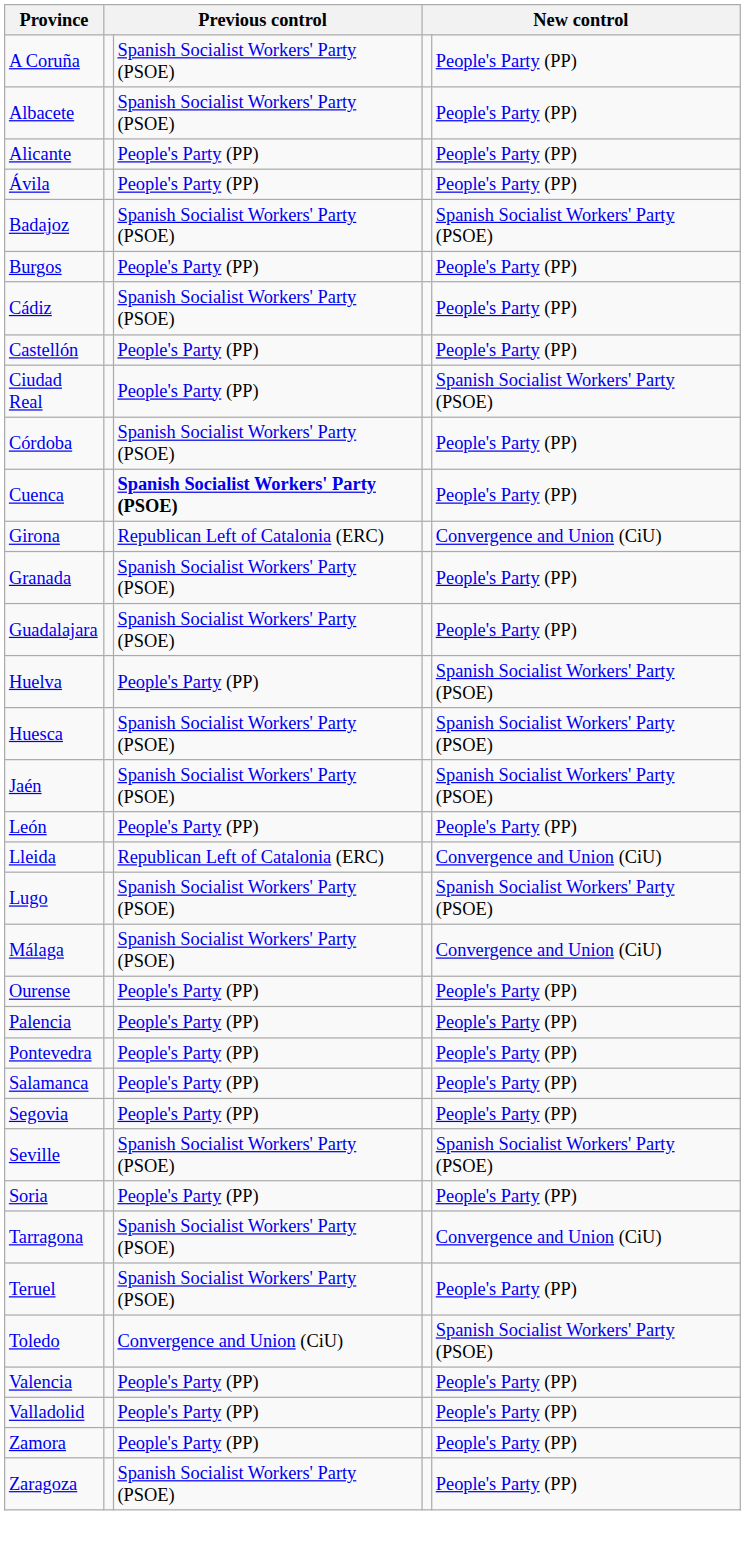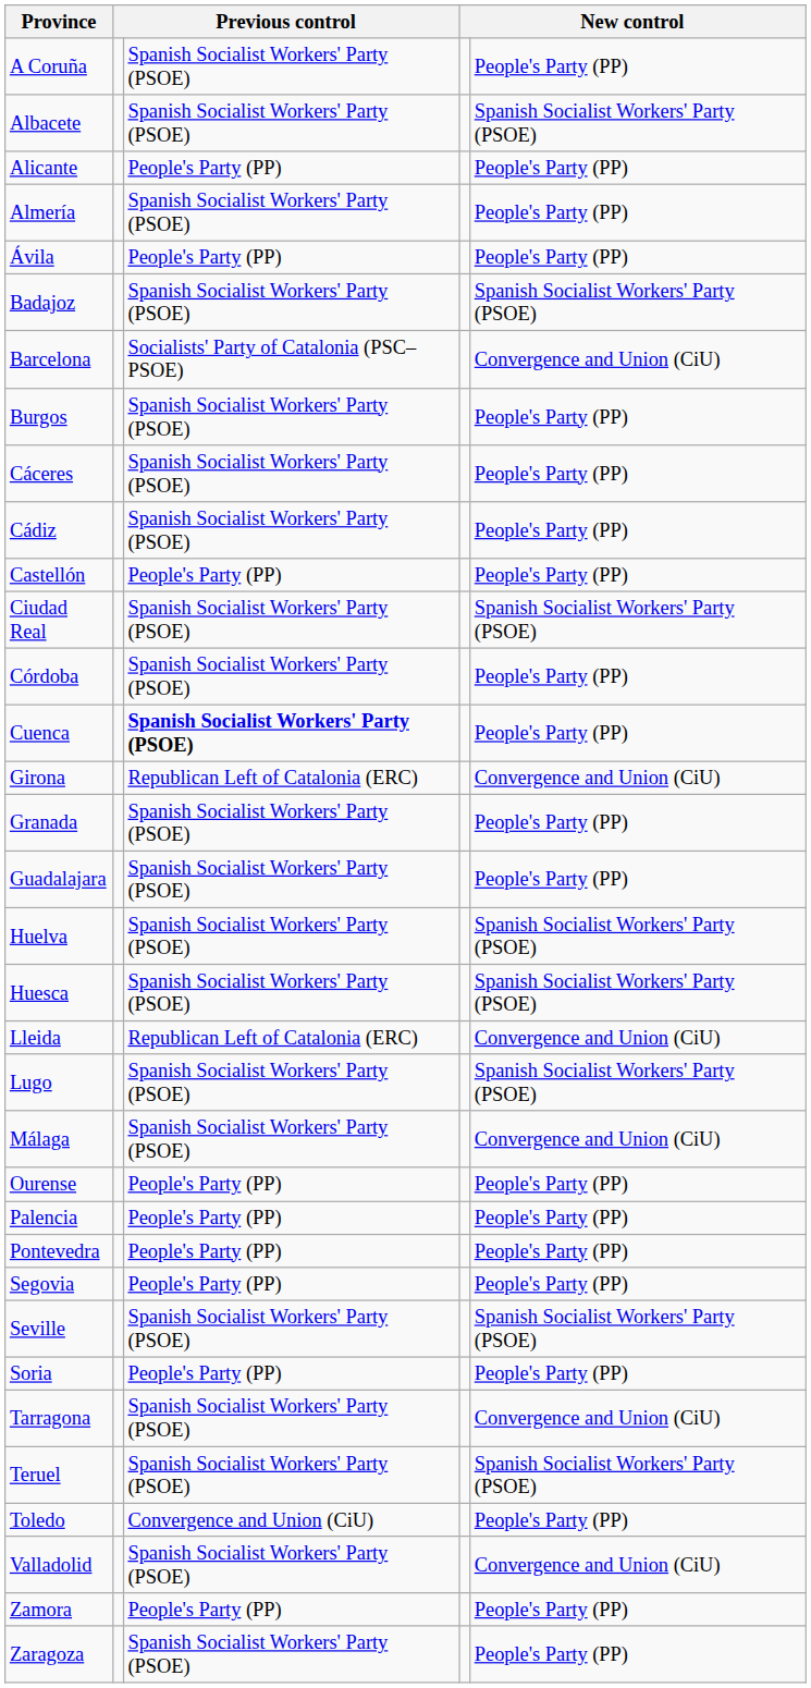 <table class="wikitable sortable" style="font-size:95%;">
 <tr>
 <th>Province</th>
 <th colspan="2" style="width:375px;">Previous control</th>
 <th colspan="2" style="width:375px;">New control</th>
 </tr>
 <tr>
 <td><a href='#'>A Coruña</a></td>
 <td width="1" style="color:inherit;background:"></td>
 <td><a href='#'>Spanish Socialist Workers' Party</a> (PSOE)</td>
 <td width="1" style="color:inherit;background:"></td>
 <td><a href='#'>People's Party</a> (PP)</td>
 </tr>
 <tr>
 <td><a href='#'>Albacete</a></td>
 <td style="color:inherit;background:"></td>
 <td><a href='#'>Spanish Socialist Workers' Party</a> (PSOE)</td>
 <td style="color:inherit;background:"></td>
-<td><a href='#'>People's Party</a> (PP)</td>
+<td><a href='#'>Spanish Socialist Workers' Party</a> (PSOE)</td>
 </tr>
 <tr>
 <td><a href='#'>Alicante</a></td>
 <td style="color:inherit;background:"></td>
 <td><a href='#'>People's Party</a> (PP)</td>
+<td style="color:inherit;background:"></td>
+<td><a href='#'>People's Party</a> (PP)</td>
+</tr>
+<tr>
+<td><a href='#'>Almería</a></td>
+<td style="color:inherit;background:"></td>
+<td><a href='#'>Spanish Socialist Workers' Party</a> (PSOE)</td>
 <td style="color:inherit;background:"></td>
 <td><a href='#'>People's Party</a> (PP)</td>
 </tr>
 <tr>
 <td><a href='#'>Ávila</a></td>
 <td style="color:inherit;background:"></td>
 <td><a href='#'>People's Party</a> (PP)</td>
 <td style="color:inherit;background:"></td>
 <td><a href='#'>People's Party</a> (PP)</td>
 </tr>
 <tr>
 <td><a href='#'>Badajoz</a></td>
 <td style="color:inherit;background:"></td>
 <td><a href='#'>Spanish Socialist Workers' Party</a> (PSOE)</td>
 <td style="color:inherit;background:"></td>
 <td><a href='#'>Spanish Socialist Workers' Party</a> (PSOE)</td>
 </tr>
 <tr>
+<td><a href='#'>Barcelona</a></td>
+<td style="color:inherit;background:"></td>
+<td><a href='#'>Socialists' Party of Catalonia</a> (PSC–PSOE)</td>
+<td style="color:inherit;background:"></td>
+<td><a href='#'>Convergence and Union</a> (CiU)</td>
+</tr>
+<tr>
 <td><a href='#'>Burgos</a></td>
 <td style="color:inherit;background:"></td>
+<td><a href='#'>Spanish Socialist Workers' Party</a> (PSOE)</td>
+<td style="color:inherit;background:"></td>
 <td><a href='#'>People's Party</a> (PP)</td>
+</tr>
+<tr>
+<td><a href='#'>Cáceres</a></td>
+<td style="color:inherit;background:"></td>
+<td><a href='#'>Spanish Socialist Workers' Party</a> (PSOE)</td>
 <td style="color:inherit;background:"></td>
 <td><a href='#'>People's Party</a> (PP)</td>
 </tr>
 <tr>
 <td><a href='#'>Cádiz</a></td>
 <td style="color:inherit;background:"></td>
 <td><a href='#'>Spanish Socialist Workers' Party</a> (PSOE)</td>
 <td style="color:inherit;background:"></td>
 <td><a href='#'>People's Party</a> (PP)</td>
 </tr>
 <tr>
 <td><a href='#'>Castellón</a></td>
 <td style="color:inherit;background:"></td>
 <td><a href='#'>People's Party</a> (PP)</td>
 <td style="color:inherit;background:"></td>
 <td><a href='#'>People's Party</a> (PP)</td>
 </tr>
 <tr>
 <td><a href='#'>Ciudad Real</a></td>
 <td style="color:inherit;background:"></td>
-<td><a href='#'>People's Party</a> (PP)</td>
+<td><a href='#'>Spanish Socialist Workers' Party</a> (PSOE)</td>
 <td style="color:inherit;background:"></td>
 <td><a href='#'>Spanish Socialist Workers' Party</a> (PSOE)</td>
 </tr>
 <tr>
 <td><a href='#'>Córdoba</a></td>
 <td style="color:inherit;background:"></td>
 <td><a href='#'>Spanish Socialist Workers' Party</a> (PSOE)</td>
 <td style="color:inherit;background:"></td>
 <td><a href='#'>People's Party</a> (PP)</td>
 </tr>
 <tr>
 <td><a href='#'>Cuenca</a></td>
 <td style="color:inherit;background:"></td>
 <td><strong><a href='#'>Spanish Socialist Workers' Party</a> (PSOE)</strong></td>
 <td style="color:inherit;background:"></td>
 <td><a href='#'>People's Party</a> (PP)</td>
 </tr>
 <tr>
 <td><a href='#'>Girona</a></td>
 <td style="color:inherit;background:"></td>
 <td><a href='#'>Republican Left of Catalonia</a> (ERC)</td>
 <td style="color:inherit;background:"></td>
 <td><a href='#'>Convergence and Union</a> (CiU)</td>
 </tr>
 <tr>
 <td><a href='#'>Granada</a></td>
 <td style="color:inherit;background:"></td>
 <td><a href='#'>Spanish Socialist Workers' Party</a> (PSOE)</td>
 <td style="color:inherit;background:"></td>
 <td><a href='#'>People's Party</a> (PP)</td>
 </tr>
 <tr>
 <td><a href='#'>Guadalajara</a></td>
 <td style="color:inherit;background:"></td>
 <td><a href='#'>Spanish Socialist Workers' Party</a> (PSOE)</td>
 <td style="color:inherit;background:"></td>
 <td><a href='#'>People's Party</a> (PP)</td>
 </tr>
 <tr>
 <td><a href='#'>Huelva</a></td>
 <td style="color:inherit;background:"></td>
-<td><a href='#'>People's Party</a> (PP)</td>
+<td><a href='#'>Spanish Socialist Workers' Party</a> (PSOE)</td>
 <td style="color:inherit;background:"></td>
 <td><a href='#'>Spanish Socialist Workers' Party</a> (PSOE)</td>
 </tr>
 <tr>
 <td><a href='#'>Huesca</a></td>
 <td style="color:inherit;background:"></td>
 <td><a href='#'>Spanish Socialist Workers' Party</a> (PSOE)</td>
 <td style="color:inherit;background:"></td>
 <td><a href='#'>Spanish Socialist Workers' Party</a> (PSOE)</td>
-</tr>
-<tr>
-<td><a href='#'>Jaén</a></td>
-<td style="color:inherit;background:"></td>
-<td><a href='#'>Spanish Socialist Workers' Party</a> (PSOE)</td>
-<td style="color:inherit;background:"></td>
-<td><a href='#'>Spanish Socialist Workers' Party</a> (PSOE)</td>
-</tr>
-<tr>
-<td><a href='#'>León</a></td>
-<td style="color:inherit;background:"></td>
-<td><a href='#'>People's Party</a> (PP)</td>
-<td style="color:inherit;background:"></td>
-<td><a href='#'>People's Party</a> (PP)</td>
 </tr>
 <tr>
 <td><a href='#'>Lleida</a></td>
 <td style="color:inherit;background:"></td>
 <td><a href='#'>Republican Left of Catalonia</a> (ERC)</td>
 <td style="color:inherit;background:"></td>
 <td><a href='#'>Convergence and Union</a> (CiU)</td>
 </tr>
 <tr>
 <td><a href='#'>Lugo</a></td>
 <td style="color:inherit;background:"></td>
 <td><a href='#'>Spanish Socialist Workers' Party</a> (PSOE)</td>
 <td style="color:inherit;background:"></td>
 <td><a href='#'>Spanish Socialist Workers' Party</a> (PSOE)</td>
 </tr>
 <tr>
 <td><a href='#'>Málaga</a></td>
 <td style="color:inherit;background:"></td>
 <td><a href='#'>Spanish Socialist Workers' Party</a> (PSOE)</td>
 <td style="color:inherit;background:"></td>
 <td><a href='#'>Convergence and Union</a> (CiU)</td>
 </tr>
 <tr>
 <td><a href='#'>Ourense</a></td>
 <td style="color:inherit;background:"></td>
 <td><a href='#'>People's Party</a> (PP)</td>
 <td style="color:inherit;background:"></td>
 <td><a href='#'>People's Party</a> (PP)</td>
 </tr>
 <tr>
 <td><a href='#'>Palencia</a></td>
 <td style="color:inherit;background:"></td>
 <td><a href='#'>People's Party</a> (PP)</td>
 <td style="color:inherit;background:"></td>
 <td><a href='#'>People's Party</a> (PP)</td>
 </tr>
 <tr>
 <td><a href='#'>Pontevedra</a></td>
 <td style="color:inherit;background:"></td>
 <td><a href='#'>People's Party</a> (PP)</td>
 <td style="color:inherit;background:"></td>
 <td><a href='#'>People's Party</a> (PP)</td>
 </tr>
 <tr>
-<td><a href='#'>Salamanca</a></td>
-<td style="color:inherit;background:"></td>
-<td><a href='#'>People's Party</a> (PP)</td>
-<td style="color:inherit;background:"></td>
-<td><a href='#'>People's Party</a> (PP)</td>
-</tr>
-<tr>
 <td><a href='#'>Segovia</a></td>
 <td style="color:inherit;background:"></td>
 <td><a href='#'>People's Party</a> (PP)</td>
 <td style="color:inherit;background:"></td>
 <td><a href='#'>People's Party</a> (PP)</td>
 </tr>
 <tr>
 <td><a href='#'>Seville</a></td>
 <td style="color:inherit;background:"></td>
 <td><a href='#'>Spanish Socialist Workers' Party</a> (PSOE)</td>
 <td style="color:inherit;background:"></td>
 <td><a href='#'>Spanish Socialist Workers' Party</a> (PSOE)</td>
 </tr>
 <tr>
 <td><a href='#'>Soria</a></td>
 <td style="color:inherit;background:"></td>
 <td><a href='#'>People's Party</a> (PP)</td>
 <td style="color:inherit;background:"></td>
 <td><a href='#'>People's Party</a> (PP)</td>
 </tr>
 <tr>
 <td><a href='#'>Tarragona</a></td>
 <td style="color:inherit;background:"></td>
 <td><a href='#'>Spanish Socialist Workers' Party</a> (PSOE)</td>
 <td style="color:inherit;background:"></td>
 <td><a href='#'>Convergence and Union</a> (CiU)</td>
 </tr>
 <tr>
 <td><a href='#'>Teruel</a></td>
 <td style="color:inherit;background:"></td>
 <td><a href='#'>Spanish Socialist Workers' Party</a> (PSOE)</td>
 <td style="color:inherit;background:"></td>
-<td><a href='#'>People's Party</a> (PP)</td>
+<td><a href='#'>Spanish Socialist Workers' Party</a> (PSOE)</td>
 </tr>
 <tr>
 <td><a href='#'>Toledo</a></td>
 <td style="color:inherit;background:"></td>
 <td><a href='#'>Convergence and Union</a> (CiU)</td>
 <td style="color:inherit;background:"></td>
-<td><a href='#'>Spanish Socialist Workers' Party</a> (PSOE)</td>
-</tr>
-<tr>
-<td><a href='#'>Valencia</a></td>
-<td style="color:inherit;background:"></td>
-<td><a href='#'>People's Party</a> (PP)</td>
-<td style="color:inherit;background:"></td>
 <td><a href='#'>People's Party</a> (PP)</td>
 </tr>
 <tr>
 <td><a href='#'>Valladolid</a></td>
 <td style="color:inherit;background:"></td>
-<td><a href='#'>People's Party</a> (PP)</td>
+<td><a href='#'>Spanish Socialist Workers' Party</a> (PSOE)</td>
 <td style="color:inherit;background:"></td>
-<td><a href='#'>People's Party</a> (PP)</td>
+<td><a href='#'>Convergence and Union</a> (CiU)</td>
 </tr>
 <tr>
 <td><a href='#'>Zamora</a></td>
 <td style="color:inherit;background:"></td>
 <td><a href='#'>People's Party</a> (PP)</td>
 <td style="color:inherit;background:"></td>
 <td><a href='#'>People's Party</a> (PP)</td>
 </tr>
 <tr>
 <td><a href='#'>Zaragoza</a></td>
 <td style="color:inherit;background:"></td>
 <td><a href='#'>Spanish Socialist Workers' Party</a> (PSOE)</td>
 <td style="color:inherit;background:"></td>
 <td><a href='#'>People's Party</a> (PP)</td>
 </tr>
 </table>
